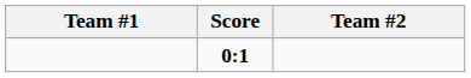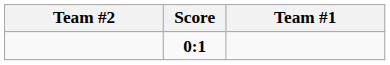 <table class="wikitable" style="text-align:center;">
 <tr>
+<th width=140>Team #2</th>
+<th width=50>Score</th>
 <th width=140>Team #1</th>
-<th width=50>Score</th>
-<th width=140>Team #2</th>
 </tr>
 <tr>
+<td style="text-align:left;"></td>
+<td><strong>0:1</strong></td>
 <td style="text-align:right;"></td>
-<td><strong>0:1</strong></td>
-<td style="text-align:left;"></td>
 </tr>
 </table>
